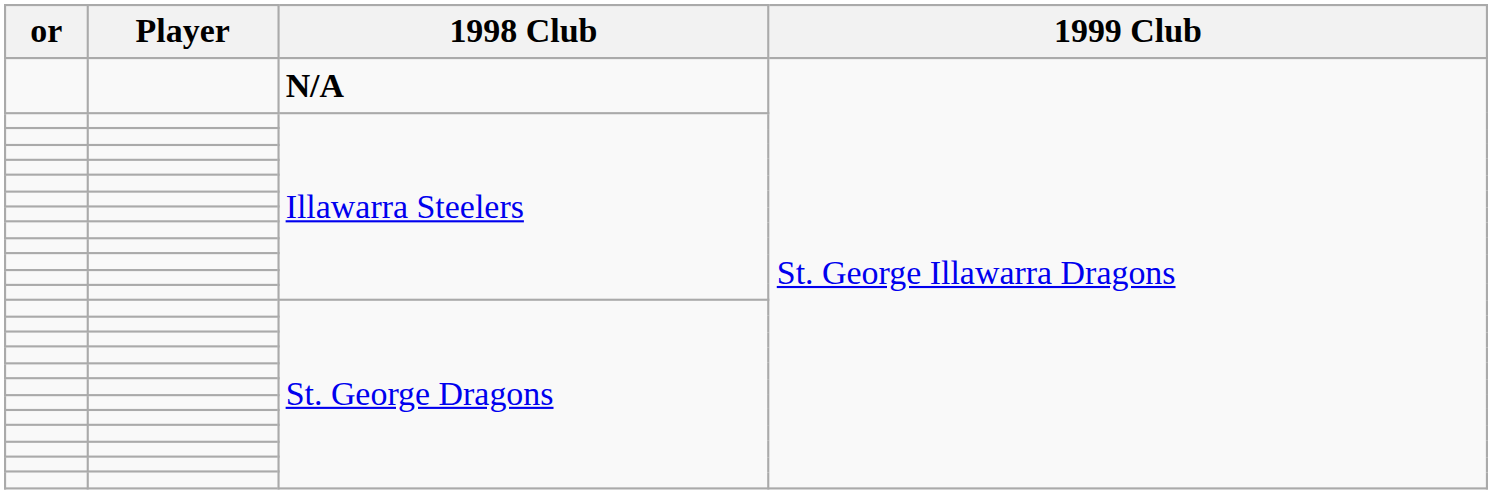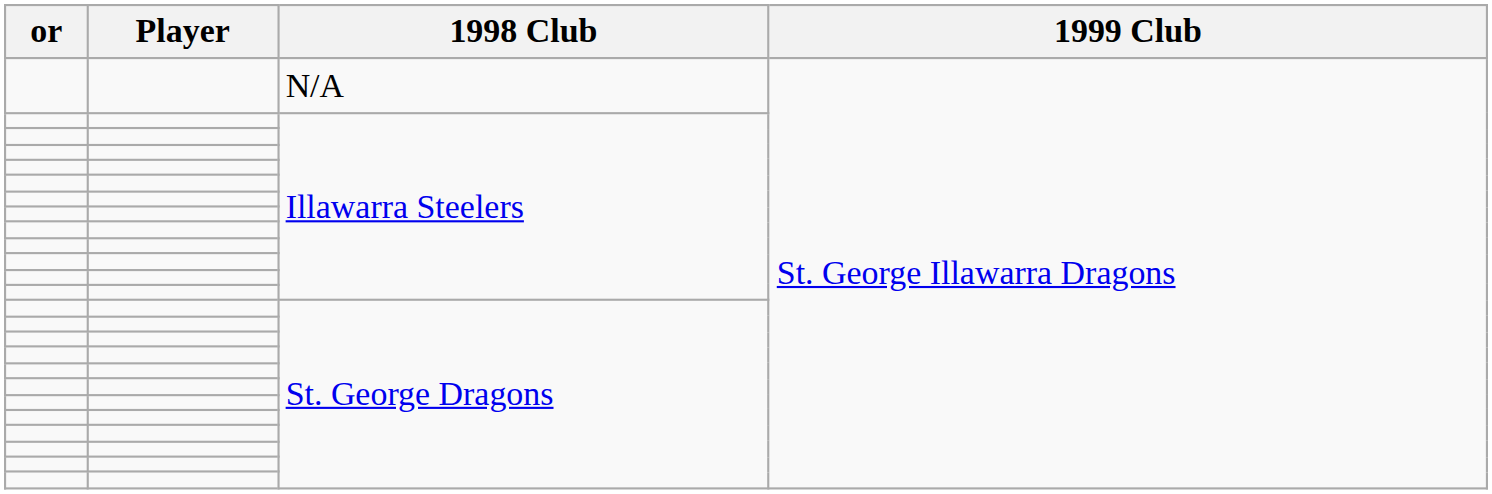 <table class="wikitable sortable" style="width:700px;">
 <tr>
 <th> or </th>
 <th>Player</th>
 <th>1998 Club</th>
 <th>1999 Club</th>
 </tr>
 <tr>
 <td></td>
 <td></td>
-<td><strong>N/A</strong></td>
+<td>N/A</td>
 <td rowspan="25"> <a href='#'>St. George Illawarra Dragons</a></td>
 </tr>
 <tr>
 <td></td>
 <td></td>
 <td rowspan="12"> <a href='#'>Illawarra Steelers</a></td>
 </tr>
 <tr>
 <td></td>
 <td></td>
 </tr>
 <tr>
 <td></td>
 <td></td>
 </tr>
 <tr>
 <td></td>
 <td></td>
 </tr>
 <tr>
 <td></td>
 <td></td>
 </tr>
 <tr>
 <td></td>
 <td></td>
 </tr>
 <tr>
 <td></td>
 <td></td>
 </tr>
 <tr>
 <td></td>
 <td></td>
 </tr>
 <tr>
 <td></td>
 <td></td>
 </tr>
 <tr>
 <td></td>
 <td></td>
 </tr>
 <tr>
 <td></td>
 <td></td>
 </tr>
 <tr>
 <td></td>
 <td></td>
 </tr>
 <tr>
 <td></td>
 <td></td>
 <td rowspan="12"> <a href='#'>St. George Dragons</a></td>
 </tr>
 <tr>
 <td></td>
 <td></td>
 </tr>
 <tr>
 <td></td>
 <td></td>
 </tr>
 <tr>
 <td></td>
 <td></td>
 </tr>
 <tr>
 <td></td>
 <td></td>
 </tr>
 <tr>
 <td></td>
 <td></td>
 </tr>
 <tr>
 <td></td>
 <td></td>
 </tr>
 <tr>
 <td></td>
 <td></td>
 </tr>
 <tr>
 <td></td>
 <td></td>
 </tr>
 <tr>
 <td></td>
 <td></td>
 </tr>
 <tr>
 <td></td>
 <td></td>
 </tr>
 <tr>
 <td></td>
 <td></td>
 </tr>
 </table>
